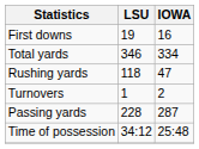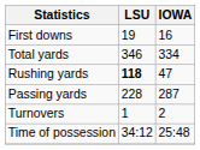 <table class="wikitable">
 <tr>
 <th>Statistics</th>
 <th>LSU</th>
 <th>IOWA</th>
 </tr>
 <tr>
 <td>First downs</td>
 <td>19</td>
 <td>16</td>
 </tr>
 <tr>
 <td>Total yards</td>
 <td>346</td>
 <td>334</td>
 </tr>
 <tr>
 <td>Rushing yards</td>
-<td>118</td>
+<td><strong>118</strong></td>
 <td>47</td>
+</tr>
+<tr>
+<td>Passing yards</td>
+<td>228</td>
+<td>287</td>
 </tr>
 <tr>
 <td>Turnovers</td>
 <td>1</td>
 <td>2</td>
-</tr>
-<tr>
-<td>Passing yards</td>
-<td>228</td>
-<td>287</td>
 </tr>
 <tr>
 <td>Time of possession</td>
 <td>34:12</td>
 <td>25:48</td>
 </tr>
 <tr>
 </tr>
 </table>
